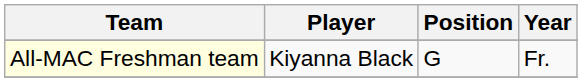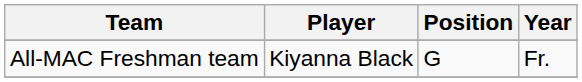 <table class="wikitable" border="1">
 <tr align=center>
 <th style= >Team</th>
 <th style= >Player</th>
 <th style= >Position</th>
 <th style= >Year</th>
 </tr>
 <tr align="center">
 </tr>
 <tr>
-<td style="background: lightyellow;">All-MAC Freshman team</td>
+<td>All-MAC Freshman team</td>
 <td>Kiyanna Black</td>
 <td>G</td>
 <td>Fr.</td>
 </tr>
 <tr>
 </tr>
 </table>
